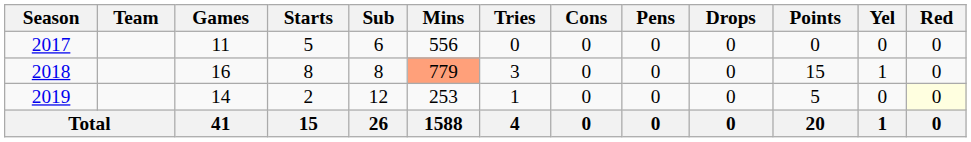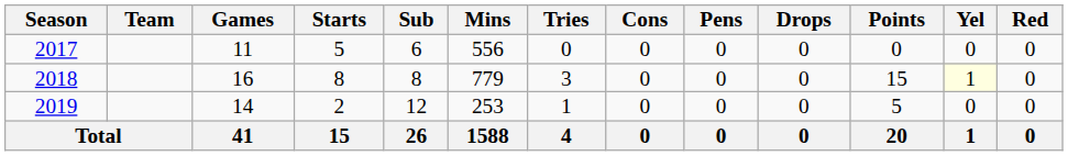 <table class="wikitable" style="text-align:center; line-height:90%; font-size:95%; width:60%;">
 <tr>
 <th>Season</th>
 <th>Team</th>
 <th>Games</th>
 <th>Starts</th>
 <th>Sub</th>
 <th>Mins</th>
 <th>Tries</th>
 <th>Cons</th>
 <th>Pens</th>
 <th>Drops</th>
 <th>Points</th>
 <th>Yel</th>
 <th>Red</th>
 </tr>
 <tr>
 <td><a href='#'>2017</a></td>
 <td></td>
 <td>11</td>
 <td>5</td>
 <td>6</td>
 <td>556</td>
 <td>0</td>
 <td>0</td>
 <td>0</td>
 <td>0</td>
 <td>0</td>
 <td>0</td>
 <td>0</td>
 </tr>
 <tr>
 <td><a href='#'>2018</a></td>
 <td></td>
 <td>16</td>
 <td>8</td>
 <td>8</td>
-<td style="background: lightsalmon;">779</td>
+<td>779</td>
 <td>3</td>
 <td>0</td>
 <td>0</td>
 <td>0</td>
 <td>15</td>
-<td>1</td>
+<td style="background: lightyellow;">1</td>
 <td>0</td>
 </tr>
 <tr>
 <td><a href='#'>2019</a></td>
 <td></td>
 <td>14</td>
 <td>2</td>
 <td>12</td>
 <td>253</td>
 <td>1</td>
 <td>0</td>
 <td>0</td>
 <td>0</td>
 <td>5</td>
 <td>0</td>
-<td style="background: lightyellow;">0</td>
+<td>0</td>
 </tr>
 <tr>
 <th colspan="2">Total</th>
 <th>41</th>
 <th>15</th>
 <th>26</th>
 <th>1588</th>
 <th>4</th>
 <th>0</th>
 <th>0</th>
 <th>0</th>
 <th>20</th>
 <th>1</th>
 <th>0</th>
 </tr>
 </table>
